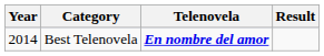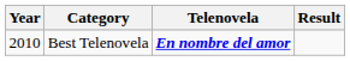 <table class="wikitable">
 <tr style="background:#b0c4de;">
 <th>Year</th>
 <th>Category</th>
 <th>Telenovela</th>
 <th>Result</th>
 </tr>
 <tr>
-<td>2014</td>
+<td>2010</td>
 <td>Best Telenovela</td>
 <td><strong><em><a href='#'>En nombre del amor</a></em></strong></td>
 <td></td>
 </tr>
 </table>
